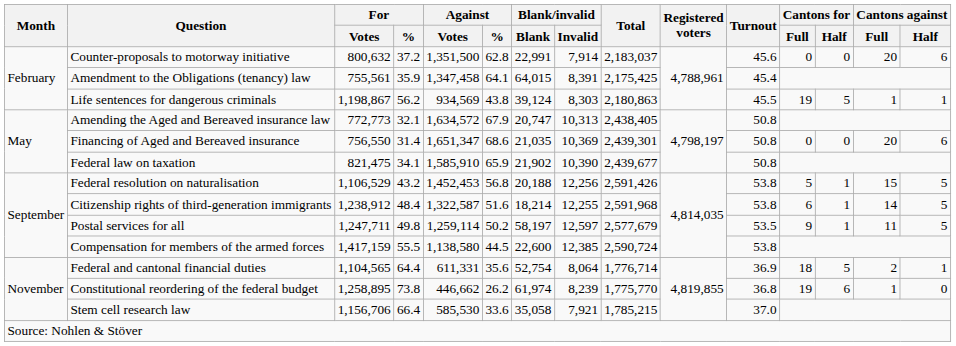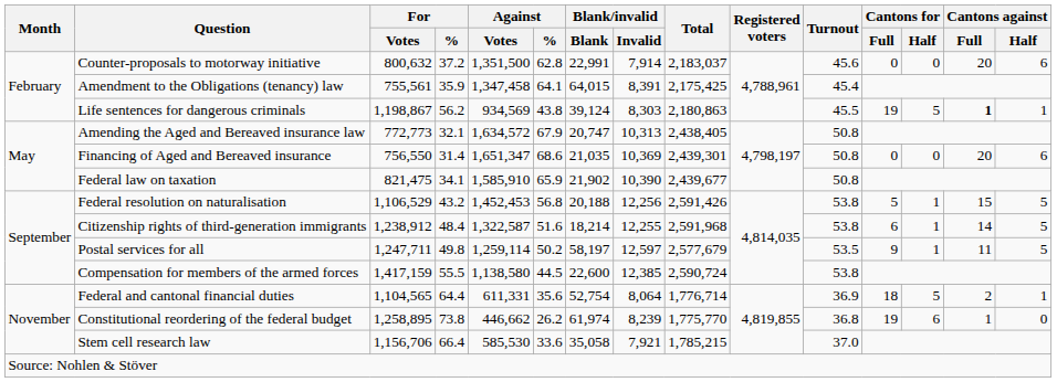 <table class=wikitable style=text-align:right>
 <tr>
 <th rowspan=2>Month</th>
 <th rowspan=2>Question</th>
 <th colspan=2>For</th>
 <th colspan=2>Against</th>
 <th colspan=2>Blank/invalid</th>
 <th rowspan=2>Total</th>
 <th rowspan=2>Registered<br>voters</th>
 <th rowspan=2>Turnout</th>
 <th colspan=2>Cantons for</th>
 <th colspan=2>Cantons against</th>
 </tr>
 <tr>
 <th>Votes</th>
 <th>%</th>
 <th>Votes</th>
 <th>%</th>
 <th>Blank</th>
 <th>Invalid</th>
 <th>Full</th>
 <th>Half</th>
 <th>Full</th>
 <th>Half</th>
 </tr>
 <tr>
 <td align=left rowspan=3>February</td>
 <td align=left>Counter-proposals to motorway initiative</td>
 <td>800,632</td>
 <td>37.2</td>
 <td>1,351,500</td>
 <td>62.8</td>
 <td>22,991</td>
 <td>7,914</td>
 <td>2,183,037</td>
 <td rowspan=3>4,788,961</td>
 <td>45.6</td>
 <td>0</td>
 <td>0</td>
 <td>20</td>
 <td>6</td>
 </tr>
 <tr>
 <td align=left>Amendment to the Obligations (tenancy) law</td>
 <td>755,561</td>
 <td>35.9</td>
 <td>1,347,458</td>
 <td>64.1</td>
 <td>64,015</td>
 <td>8,391</td>
 <td>2,175,425</td>
 <td>45.4</td>
 <td colspan=4></td>
 </tr>
 <tr>
 <td align=left>Life sentences for dangerous criminals</td>
 <td>1,198,867</td>
 <td>56.2</td>
 <td>934,569</td>
 <td>43.8</td>
 <td>39,124</td>
 <td>8,303</td>
 <td>2,180,863</td>
 <td>45.5</td>
 <td>19</td>
 <td>5</td>
-<td>1</td>
+<td><strong>1</strong></td>
 <td>1</td>
 </tr>
 <tr>
 <td align=left rowspan=3>May</td>
 <td align=left>Amending the Aged and Bereaved insurance law</td>
 <td>772,773</td>
 <td>32.1</td>
 <td>1,634,572</td>
 <td>67.9</td>
 <td>20,747</td>
 <td>10,313</td>
 <td>2,438,405</td>
 <td rowspan=3>4,798,197</td>
 <td>50.8</td>
 <td colspan=4></td>
 </tr>
 <tr>
 <td align=left>Financing of Aged and Bereaved insurance</td>
 <td>756,550</td>
 <td>31.4</td>
 <td>1,651,347</td>
 <td>68.6</td>
 <td>21,035</td>
 <td>10,369</td>
 <td>2,439,301</td>
 <td>50.8</td>
 <td>0</td>
 <td>0</td>
 <td>20</td>
 <td>6</td>
 </tr>
 <tr>
 <td align=left>Federal law on taxation</td>
 <td>821,475</td>
 <td>34.1</td>
 <td>1,585,910</td>
 <td>65.9</td>
 <td>21,902</td>
 <td>10,390</td>
 <td>2,439,677</td>
 <td>50.8</td>
 <td colspan=4></td>
 </tr>
 <tr>
 <td align=left rowspan=4>September</td>
 <td align=left>Federal resolution on naturalisation</td>
 <td>1,106,529</td>
 <td>43.2</td>
 <td>1,452,453</td>
 <td>56.8</td>
 <td>20,188</td>
 <td>12,256</td>
 <td>2,591,426</td>
 <td rowspan=4>4,814,035</td>
 <td>53.8</td>
 <td>5</td>
 <td>1</td>
 <td>15</td>
 <td>5</td>
 </tr>
 <tr>
 <td align=left>Citizenship rights of third-generation immigrants</td>
 <td>1,238,912</td>
 <td>48.4</td>
 <td>1,322,587</td>
 <td>51.6</td>
 <td>18,214</td>
 <td>12,255</td>
 <td>2,591,968</td>
 <td>53.8</td>
 <td>6</td>
 <td>1</td>
 <td>14</td>
 <td>5</td>
 </tr>
 <tr>
 <td align=left>Postal services for all</td>
 <td>1,247,711</td>
 <td>49.8</td>
 <td>1,259,114</td>
 <td>50.2</td>
 <td>58,197</td>
 <td>12,597</td>
 <td>2,577,679</td>
 <td>53.5</td>
 <td>9</td>
 <td>1</td>
 <td>11</td>
 <td>5</td>
 </tr>
 <tr>
 <td align=left>Compensation for members of the armed forces</td>
 <td>1,417,159</td>
 <td>55.5</td>
 <td>1,138,580</td>
 <td>44.5</td>
 <td>22,600</td>
 <td>12,385</td>
 <td>2,590,724</td>
 <td>53.8</td>
 <td colspan=4></td>
 </tr>
 <tr>
 <td align=left rowspan=3>November</td>
 <td align=left>Federal and cantonal financial duties</td>
 <td>1,104,565</td>
 <td>64.4</td>
 <td>611,331</td>
 <td>35.6</td>
 <td>52,754</td>
 <td>8,064</td>
 <td>1,776,714</td>
 <td rowspan=3>4,819,855</td>
 <td>36.9</td>
 <td>18</td>
 <td>5</td>
 <td>2</td>
 <td>1</td>
 </tr>
 <tr>
 <td align=left>Constitutional reordering of the federal budget</td>
 <td>1,258,895</td>
 <td>73.8</td>
 <td>446,662</td>
 <td>26.2</td>
 <td>61,974</td>
 <td>8,239</td>
 <td>1,775,770</td>
 <td>36.8</td>
 <td>19</td>
 <td>6</td>
 <td>1</td>
 <td>0</td>
 </tr>
 <tr>
 <td align=left>Stem cell research law</td>
 <td>1,156,706</td>
 <td>66.4</td>
 <td>585,530</td>
 <td>33.6</td>
 <td>35,058</td>
 <td>7,921</td>
 <td>1,785,215</td>
 <td>37.0</td>
 <td colspan=4></td>
 </tr>
 <tr>
 <td align=left colspan=15>Source: Nohlen & Stöver</td>
 </tr>
 </table>
